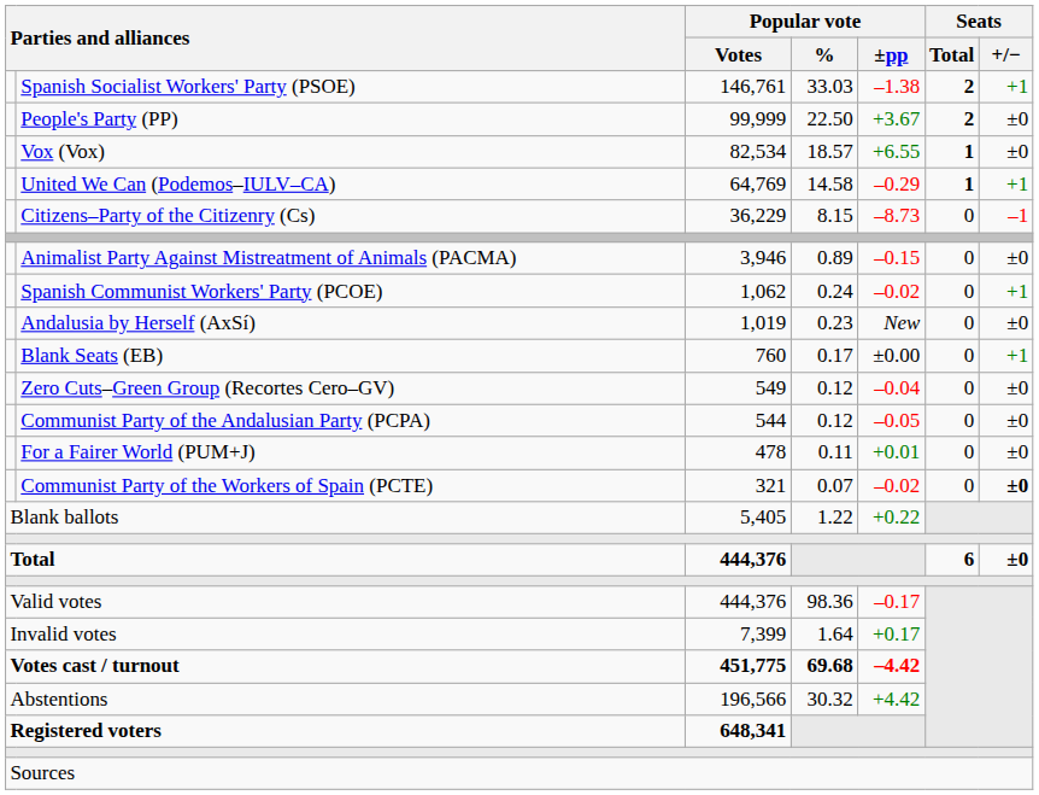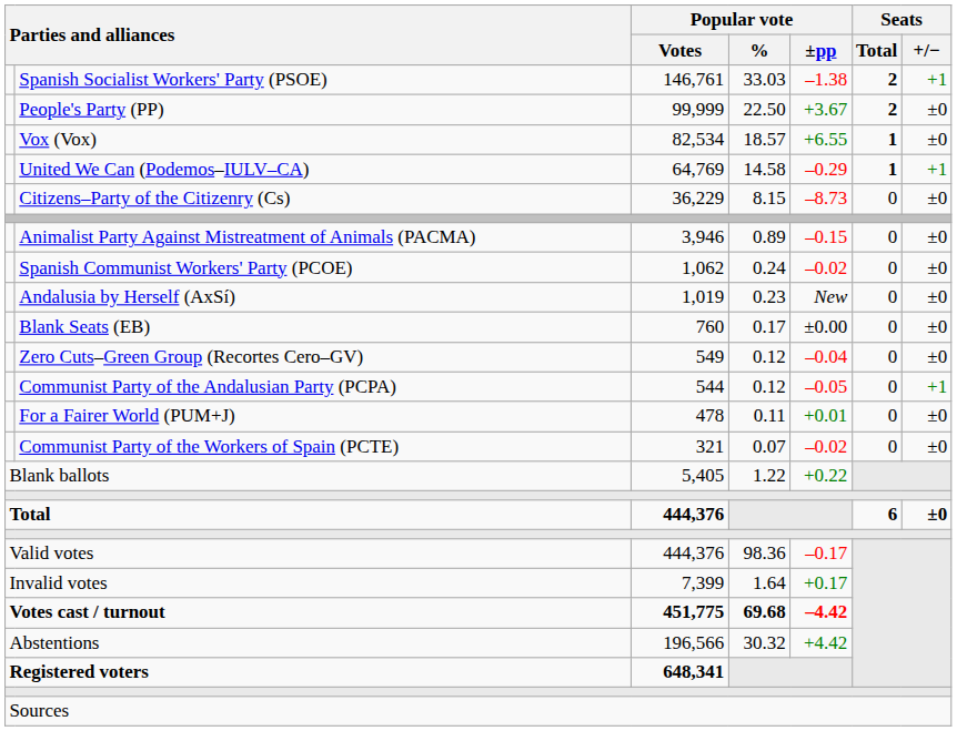 <table class="wikitable" style="text-align:right;">
 <tr>
 <th style="text-align:left;" rowspan="2" colspan="2" width="525">Parties and alliances</th>
 <th colspan="3">Popular vote</th>
 <th colspan="2">Seats</th>
 </tr>
 <tr>
 <th width="75">Votes</th>
 <th width="45">%</th>
 <th width="45">±<a href='#'>pp</a></th>
 <th width="35">Total</th>
 <th width="35">+/−</th>
 </tr>
 <tr>
 <td width="1" style="color:inherit;background:"></td>
 <td align="left"><a href='#'>Spanish Socialist Workers' Party</a> (PSOE)</td>
 <td>146,761</td>
 <td>33.03</td>
 <td style="color:red;">–1.38</td>
 <td><strong>2</strong></td>
 <td style="color:green;">+1</td>
 </tr>
 <tr>
 <td style="color:inherit;background:"></td>
 <td align="left"><a href='#'>People's Party</a> (PP)</td>
 <td>99,999</td>
 <td>22.50</td>
 <td style="color:green;">+3.67</td>
 <td><strong>2</strong></td>
 <td>±0</td>
 </tr>
 <tr>
 <td style="color:inherit;background:"></td>
 <td align="left"><a href='#'>Vox</a> (Vox)</td>
 <td>82,534</td>
 <td>18.57</td>
 <td style="color:green;">+6.55</td>
 <td><strong>1</strong></td>
 <td>±0</td>
 </tr>
 <tr>
 <td style="color:inherit;background:"></td>
 <td align="left"><a href='#'>United We Can</a> (<a href='#'>Podemos</a>–<a href='#'>IULV–CA</a>)</td>
 <td>64,769</td>
 <td>14.58</td>
 <td style="color:red;">–0.29</td>
 <td><strong>1</strong></td>
 <td style="color:green;">+1</td>
 </tr>
 <tr>
 <td style="color:inherit;background:"></td>
 <td align="left"><a href='#'>Citizens–Party of the Citizenry</a> (Cs)</td>
 <td>36,229</td>
 <td>8.15</td>
 <td style="color:red;">–8.73</td>
 <td>0</td>
-<td style="color:red;">–1</td>
+<td>±0</td>
 </tr>
 <tr>
 <td colspan="7" bgcolor="#C0C0C0"></td>
 </tr>
 <tr>
 <td style="color:inherit;background:"></td>
 <td align="left"><a href='#'>Animalist Party Against Mistreatment of Animals</a> (PACMA)</td>
 <td>3,946</td>
 <td>0.89</td>
 <td style="color:red;">–0.15</td>
 <td>0</td>
 <td>±0</td>
 </tr>
 <tr>
 <td style="color:inherit;background:"></td>
 <td align="left"><a href='#'>Spanish Communist Workers' Party</a> (PCOE)</td>
 <td>1,062</td>
 <td>0.24</td>
 <td style="color:red;">–0.02</td>
 <td>0</td>
-<td style="color:green;">+1</td>
+<td>±0</td>
 </tr>
 <tr>
 <td style="color:inherit;background:"></td>
 <td align="left"><a href='#'>Andalusia by Herself</a> (AxSí)</td>
 <td>1,019</td>
 <td>0.23</td>
 <td><em>New</em></td>
 <td>0</td>
 <td>±0</td>
 </tr>
 <tr>
 <td style="color:inherit;background:"></td>
 <td align="left"><a href='#'>Blank Seats</a> (EB)</td>
 <td>760</td>
 <td>0.17</td>
 <td>±0.00</td>
 <td>0</td>
-<td style="color:green;">+1</td>
+<td>±0</td>
 </tr>
 <tr>
 <td style="color:inherit;background:"></td>
 <td align="left"><a href='#'>Zero Cuts</a>–<a href='#'>Green Group</a> (Recortes Cero–GV)</td>
 <td>549</td>
 <td>0.12</td>
 <td style="color:red;">–0.04</td>
 <td>0</td>
 <td>±0</td>
 </tr>
 <tr>
 <td style="color:inherit;background:"></td>
 <td align="left"><a href='#'>Communist Party of the Andalusian Party</a> (PCPA)</td>
 <td>544</td>
 <td>0.12</td>
 <td style="color:red;">–0.05</td>
 <td>0</td>
-<td>±0</td>
+<td style="color:green;">+1</td>
 </tr>
 <tr>
 <td style="color:inherit;background:"></td>
 <td align="left"><a href='#'>For a Fairer World</a> (PUM+J)</td>
 <td>478</td>
 <td>0.11</td>
 <td style="color:green;">+0.01</td>
 <td>0</td>
 <td>±0</td>
 </tr>
 <tr>
 <td style="color:inherit;background:"></td>
 <td align="left"><a href='#'>Communist Party of the Workers of Spain</a> (PCTE)</td>
 <td>321</td>
 <td>0.07</td>
 <td style="color:red;">–0.02</td>
 <td>0</td>
-<td><strong>±0</strong></td>
+<td>±0</td>
 </tr>
 <tr>
 <td align="left" colspan="2">Blank ballots</td>
 <td>5,405</td>
 <td>1.22</td>
 <td style="color:green;">+0.22</td>
 <td bgcolor="#E9E9E9" colspan="2"></td>
 </tr>
 <tr>
 <td colspan="7" bgcolor="#E9E9E9"></td>
 </tr>
 <tr style="font-weight:bold;">
 <td align="left" colspan="2">Total</td>
 <td>444,376</td>
 <td bgcolor="#E9E9E9" colspan="2"></td>
 <td>6</td>
 <td>±0</td>
 </tr>
 <tr>
 <td colspan="7" bgcolor="#E9E9E9"></td>
 </tr>
 <tr>
 <td align="left" colspan="2">Valid votes</td>
 <td>444,376</td>
 <td>98.36</td>
 <td style="color:red;">–0.17</td>
 <td bgcolor="#E9E9E9" colspan="2" rowspan="5"></td>
 </tr>
 <tr>
 <td align="left" colspan="2">Invalid votes</td>
 <td>7,399</td>
 <td>1.64</td>
 <td style="color:green;">+0.17</td>
 </tr>
 <tr style="font-weight:bold;">
 <td align="left" colspan="2">Votes cast / turnout</td>
 <td>451,775</td>
 <td>69.68</td>
 <td style="color:red;">–4.42</td>
 </tr>
 <tr>
 <td align="left" colspan="2">Abstentions</td>
 <td>196,566</td>
 <td>30.32</td>
 <td style="color:green;">+4.42</td>
 </tr>
 <tr style="font-weight:bold;">
 <td align="left" colspan="2">Registered voters</td>
 <td>648,341</td>
 <td bgcolor="#E9E9E9" colspan="2"></td>
 </tr>
 <tr>
 <td colspan="7" bgcolor="#E9E9E9"></td>
 </tr>
 <tr>
 <td align="left" colspan="7">Sources</td>
 </tr>
 </table>
